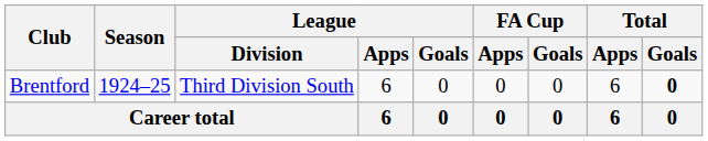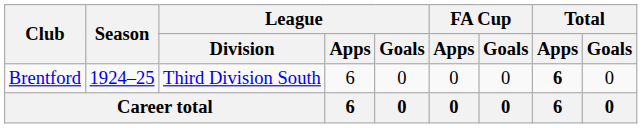 <table class="wikitable" style="text-align: center;">
 <tr>
 <th rowspan="2">Club</th>
 <th rowspan="2">Season</th>
 <th colspan="3">League</th>
 <th colspan="2">FA Cup</th>
 <th colspan="2">Total</th>
 </tr>
 <tr>
 <th>Division</th>
 <th>Apps</th>
 <th>Goals</th>
 <th>Apps</th>
 <th>Goals</th>
 <th>Apps</th>
 <th>Goals</th>
 </tr>
 <tr>
 <td><a href='#'>Brentford</a></td>
 <td><a href='#'>1924–25</a></td>
 <td><a href='#'>Third Division South</a></td>
 <td>6</td>
 <td>0</td>
 <td>0</td>
 <td>0</td>
-<td>6</td>
-<td><strong>0</strong></td>
+<td><strong>6</strong></td>
+<td>0</td>
 </tr>
 <tr>
 <th colspan="3">Career total</th>
 <th>6</th>
 <th>0</th>
 <th>0</th>
 <th>0</th>
 <th>6</th>
 <th>0</th>
 </tr>
 </table>
